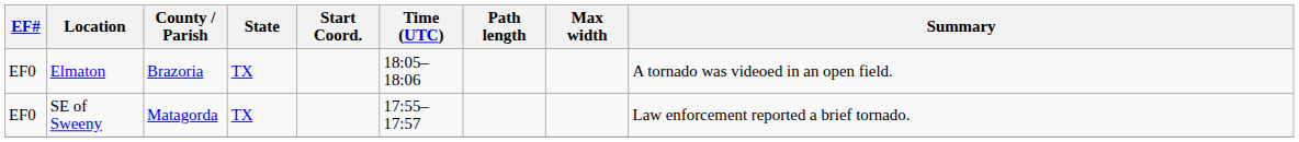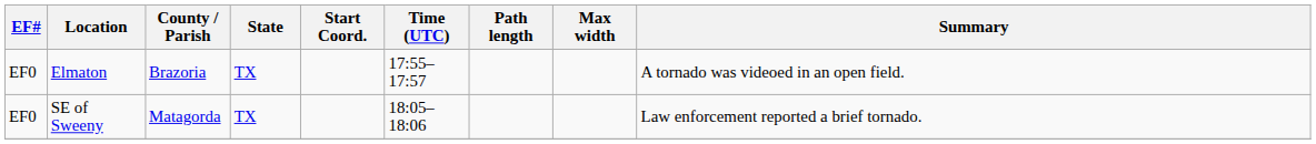 <table class="wikitable sortable" style="width:100%;">
 <tr>
 <th scope="col" style="width:3%; text-align:center;"><a href='#'>EF#</a></th>
 <th scope="col" style="width:7%; text-align:center;" class="unsortable">Location</th>
 <th scope="col" style="width:6%; text-align:center;" class="unsortable">County / Parish</th>
 <th scope="col" style="width:5%; text-align:center;">State</th>
 <th scope="col" style="width:6%; text-align:center;">Start Coord.</th>
 <th scope="col" style="width:6%; text-align:center;">Time (<a href='#'>UTC</a>)</th>
 <th scope="col" style="width:6%; text-align:center;">Path length</th>
 <th scope="col" style="width:6%; text-align:center;">Max width</th>
 <th scope="col" class="unsortable" style="width:48%; text-align:center;">Summary</th>
 </tr>
 <tr>
 <td>EF0</td>
 <td><a href='#'>Elmaton</a></td>
 <td><a href='#'>Brazoria</a></td>
 <td><a href='#'>TX</a></td>
 <td></td>
-<td>18:05–18:06</td>
+<td>17:55–17:57</td>
 <td></td>
 <td></td>
 <td>A tornado was videoed in an open field.</td>
 </tr>
 <tr>
 <td>EF0</td>
 <td>SE of <a href='#'>Sweeny</a></td>
 <td><a href='#'>Matagorda</a></td>
 <td><a href='#'>TX</a></td>
 <td></td>
-<td>17:55–17:57</td>
+<td>18:05–18:06</td>
 <td></td>
 <td></td>
 <td>Law enforcement reported a brief tornado.</td>
 </tr>
 <tr>
 </tr>
 </table>
